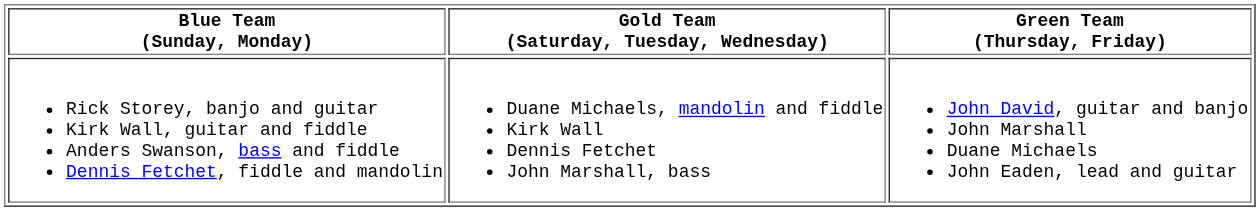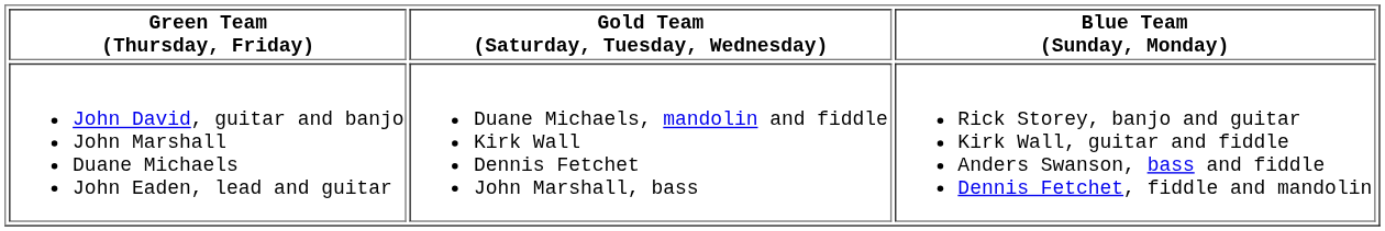 <table border="1">
 <tr>
+<th>Green Team <br> (Thursday, Friday)</th>
+<th>Gold Team <br> (Saturday, Tuesday, Wednesday)</th>
 <th>Blue Team <br> (Sunday, Monday)</th>
-<th>Gold Team <br> (Saturday, Tuesday, Wednesday)</th>
-<th>Green Team <br> (Thursday, Friday)</th>
 </tr>
 <tr>
+<td><br><ul><li><a href='#'>John David</a>, guitar and banjo</li><li>John Marshall</li><li>Duane Michaels</li><li>John Eaden, lead and guitar</li></ul></td>
+<td><br><ul><li>Duane Michaels, <a href='#'>mandolin</a> and fiddle</li><li>Kirk Wall</li><li>Dennis Fetchet</li><li>John Marshall, bass</li></ul></td>
 <td><br><ul><li>Rick Storey, banjo and guitar</li><li>Kirk Wall, guitar and fiddle</li><li>Anders Swanson, <a href='#'>bass</a> and fiddle</li><li><a href='#'>Dennis Fetchet</a>, fiddle and mandolin</li></ul></td>
-<td><br><ul><li>Duane Michaels, <a href='#'>mandolin</a> and fiddle</li><li>Kirk Wall</li><li>Dennis Fetchet</li><li>John Marshall, bass</li></ul></td>
-<td><br><ul><li><a href='#'>John David</a>, guitar and banjo</li><li>John Marshall</li><li>Duane Michaels</li><li>John Eaden, lead and guitar</li></ul></td>
 </tr>
 </table>
